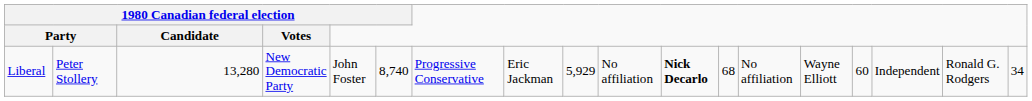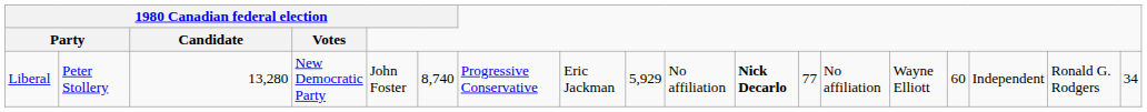 <table class="wikitable">
 <tr style="background:#e9e9e9;">
 <th colspan="6"><a href='#'>1980 Canadian federal election</a></th>
 </tr>
 <tr style="background:#e9e9e9;">
 <th colspan="2" style="width: 200px">Party</th>
 <th style="width: 170px">Candidate</th>
 <th style="width: 40px">Votes</th>
 </tr>
 <tr>
 <td><a href='#'>Liberal</a></td>
 <td><a href='#'>Peter Stollery</a></td>
 <td align="right">13,280<br></td>
 <td><a href='#'>New Democratic Party</a></td>
 <td>John Foster</td>
 <td align="right">8,740<br></td>
 <td><a href='#'>Progressive Conservative</a></td>
 <td>Eric Jackman</td>
 <td align="right">5,929<br>    </td>
 <td>No affiliation</td>
 <td><strong>Nick Decarlo</strong></td>
-<td align="right">68<br></td>
+<td align="right">77<br></td>
 <td>No affiliation</td>
 <td>Wayne Elliott</td>
 <td align="right">60<br> </td>
 <td>Independent</td>
 <td>Ronald G. Rodgers</td>
 <td align="right">34</td>
 </tr>
 </table>
